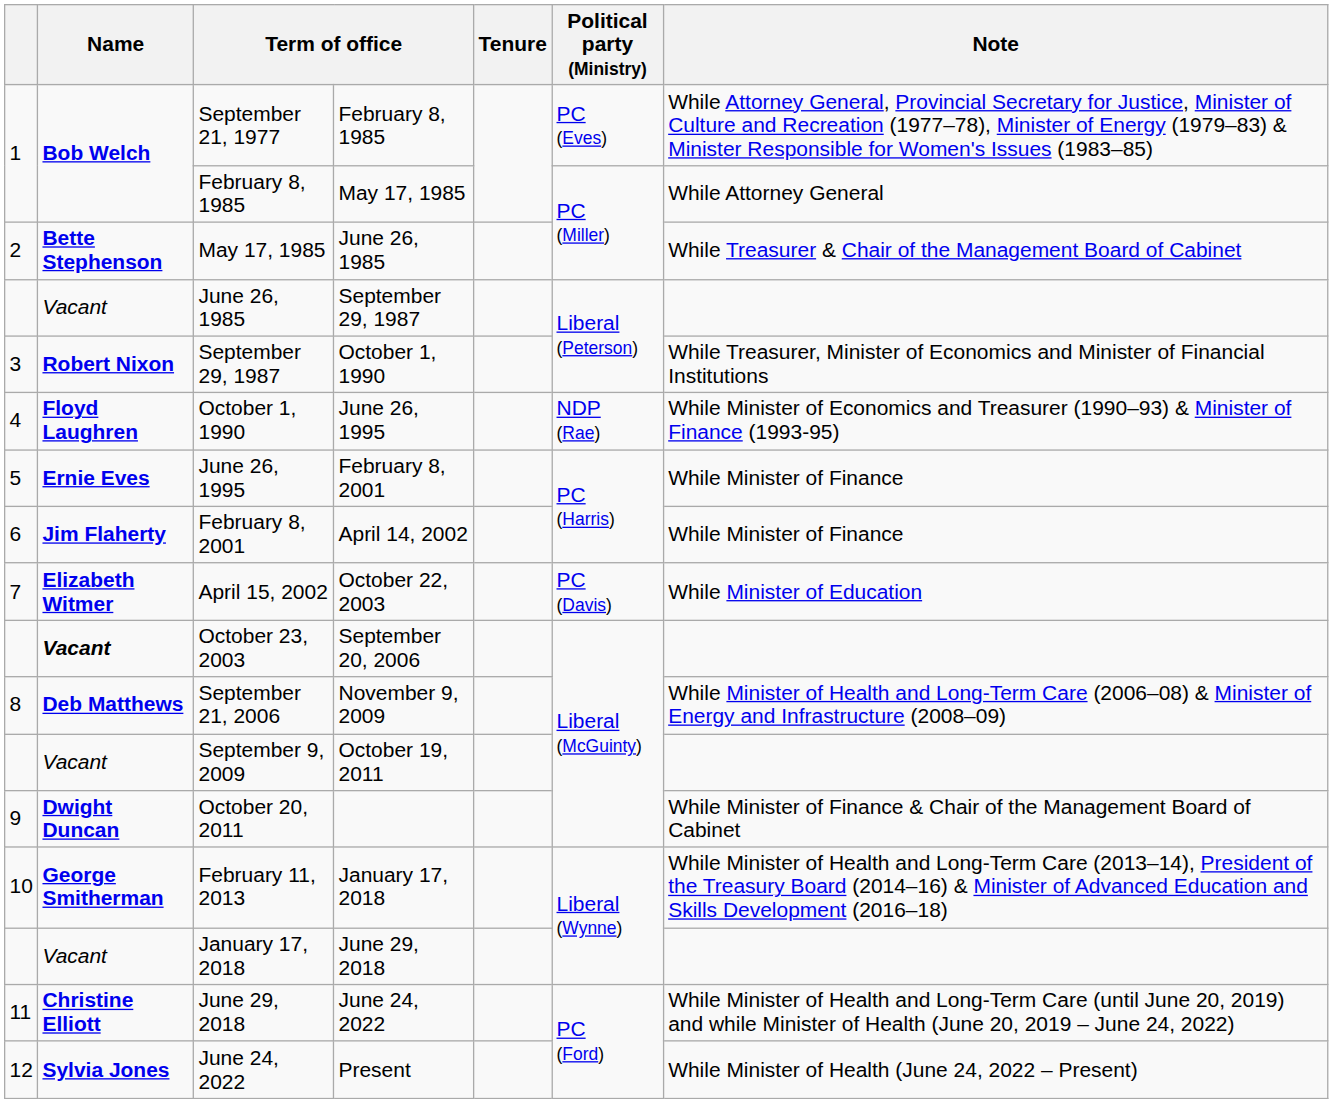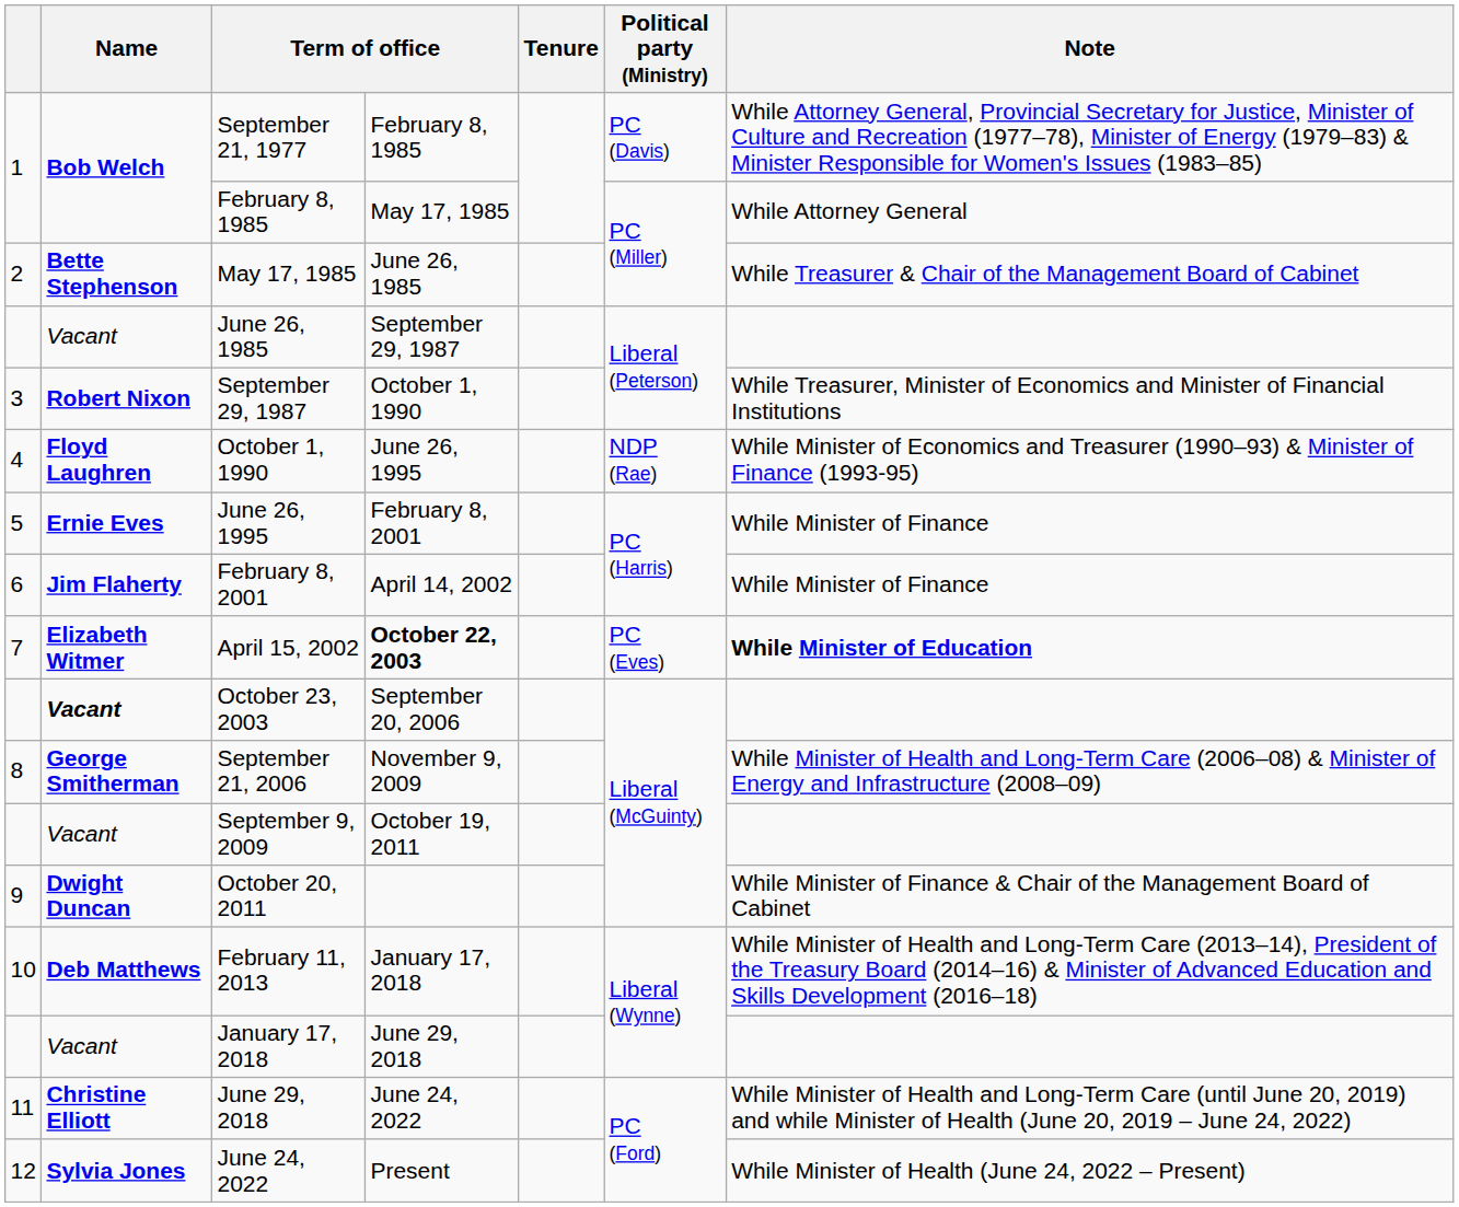 <table class="wikitable" style="width: 80%">
 <tr>
 <th></th>
 <th>Name</th>
 <th colspan=2>Term of office</th>
 <th>Tenure</th>
 <th>Political party<br><small>(Ministry)</small></th>
 <th style="width: 500px;">Note</th>
 </tr>
 <tr>
 <td rowspan=2; style="background:">1</td>
 <td rowspan=2;><strong><a href='#'>Bob Welch</a></strong></td>
 <td>September 21, 1977</td>
 <td>February 8, 1985</td>
 <td rowspan=2;></td>
-<td><a href='#'>PC</a><br><small>(<a href='#'>Eves</a>)</small></td>
+<td><a href='#'>PC</a><br><small>(<a href='#'>Davis</a>)</small></td>
 <td>While <a href='#'>Attorney General</a>, <a href='#'>Provincial Secretary for Justice</a>, <a href='#'>Minister of Culture and Recreation</a> (1977–78), <a href='#'>Minister of Energy</a> (1979–83) & <a href='#'>Minister Responsible for Women's Issues</a> (1983–85)</td>
 </tr>
 <tr>
 <td>February 8, 1985</td>
 <td>May 17, 1985</td>
 <td rowspan=2><a href='#'>PC</a><br><small>(<a href='#'>Miller</a>)</small></td>
 <td>While Attorney General</td>
 </tr>
 <tr>
 <td style="background:">2</td>
 <td><strong><a href='#'>Bette Stephenson</a></strong></td>
 <td>May 17, 1985</td>
 <td>June 26, 1985</td>
 <td></td>
 <td>While <a href='#'>Treasurer</a> & <a href='#'>Chair of the Management Board of Cabinet</a></td>
 </tr>
 <tr>
 <td style="background:"></td>
 <td><em>Vacant</em></td>
 <td>June 26, 1985</td>
 <td>September 29, 1987</td>
 <td></td>
 <td rowspan=2><a href='#'>Liberal</a><br><small>(<a href='#'>Peterson</a>)</small></td>
 <td></td>
 </tr>
 <tr>
 <td style="background:">3</td>
 <td><strong><a href='#'>Robert Nixon</a></strong></td>
 <td>September 29, 1987</td>
 <td>October 1, 1990</td>
 <td></td>
 <td>While Treasurer, Minister of Economics and Minister of Financial Institutions</td>
 </tr>
 <tr>
 <td style="background:">4</td>
 <td><strong><a href='#'>Floyd Laughren</a></strong></td>
 <td>October 1, 1990</td>
 <td>June 26, 1995</td>
 <td></td>
 <td><a href='#'>NDP</a><br><small>(<a href='#'>Rae</a>)</small></td>
 <td>While Minister of Economics and Treasurer (1990–93) & <a href='#'>Minister of Finance</a> (1993-95)</td>
 </tr>
 <tr>
 <td style="background:">5</td>
 <td><strong><a href='#'>Ernie Eves</a></strong></td>
 <td>June 26, 1995</td>
 <td>February 8, 2001</td>
 <td></td>
 <td rowspan=2><a href='#'>PC</a><br><small>(<a href='#'>Harris</a>)</small></td>
 <td>While Minister of Finance</td>
 </tr>
 <tr>
 <td style="background:">6</td>
 <td><strong><a href='#'>Jim Flaherty</a></strong></td>
 <td>February 8, 2001</td>
 <td>April 14, 2002</td>
 <td></td>
 <td>While Minister of Finance</td>
 </tr>
 <tr>
 <td style="background:">7</td>
 <td><strong><a href='#'>Elizabeth Witmer</a></strong></td>
 <td>April 15, 2002</td>
-<td>October 22, 2003</td>
+<td><strong>October 22, 2003</strong></td>
 <td></td>
-<td><a href='#'>PC</a><br><small>(<a href='#'>Davis</a>)</small></td>
-<td>While <a href='#'>Minister of Education</a></td>
+<td><a href='#'>PC</a><br><small>(<a href='#'>Eves</a>)</small></td>
+<td><strong>While <a href='#'>Minister of Education</a></strong></td>
 </tr>
 <tr>
 <td style="background:"></td>
 <td><strong><em>Vacant</em></strong></td>
 <td>October 23, 2003</td>
 <td>September 20, 2006</td>
 <td></td>
 <td rowspan=4><a href='#'>Liberal</a><br><small>(<a href='#'>McGuinty</a>)</small></td>
 <td></td>
 </tr>
 <tr>
 <td style="background:">8</td>
-<td><strong><a href='#'>Deb Matthews</a></strong></td>
+<td><strong><a href='#'>George Smitherman</a></strong></td>
 <td>September 21, 2006</td>
 <td>November 9, 2009</td>
 <td></td>
 <td>While <a href='#'>Minister of Health and Long-Term Care</a> (2006–08) & <a href='#'>Minister of Energy and Infrastructure</a> (2008–09)</td>
 </tr>
 <tr>
 <td style="background:"></td>
 <td><em>Vacant</em></td>
 <td>September 9, 2009</td>
 <td>October 19, 2011</td>
 <td></td>
 <td></td>
 </tr>
 <tr>
 <td style="background:">9</td>
 <td><strong><a href='#'>Dwight Duncan</a></strong></td>
 <td>October 20, 2011</td>
 <td></td>
 <td></td>
 <td>While Minister of Finance & Chair of the Management Board of Cabinet</td>
 </tr>
 <tr>
 <td style="background:">10</td>
-<td><strong><a href='#'>George Smitherman</a></strong></td>
+<td><strong><a href='#'>Deb Matthews</a></strong></td>
 <td>February 11, 2013</td>
 <td>January 17, 2018</td>
 <td></td>
 <td rowspan=2><a href='#'>Liberal</a><br><small>(<a href='#'>Wynne</a>)</small></td>
 <td>While Minister of Health and Long-Term Care (2013–14), <a href='#'>President of the Treasury Board</a> (2014–16) & <a href='#'>Minister of Advanced Education and Skills Development</a> (2016–18)</td>
 </tr>
 <tr>
 <td style="background:"></td>
 <td><em>Vacant</em></td>
 <td>January 17, 2018</td>
 <td>June 29, 2018</td>
 <td></td>
 <td></td>
 </tr>
 <tr>
 <td style="background:">11</td>
 <td><strong><a href='#'>Christine Elliott</a></strong></td>
 <td>June 29, 2018</td>
 <td>June 24, 2022</td>
 <td></td>
 <td rowspan=2><a href='#'>PC</a><br><small>(<a href='#'>Ford</a>)</small></td>
 <td>While Minister of Health and Long-Term Care (until June 20, 2019) and while Minister of Health (June 20, 2019 – June 24, 2022)</td>
 </tr>
 <tr>
 <td style="background:">12</td>
 <td><strong><a href='#'>Sylvia Jones</a></strong></td>
 <td>June 24, 2022</td>
 <td>Present</td>
 <td></td>
 <td>While Minister of Health (June 24, 2022 – Present)</td>
 </tr>
 </table>
